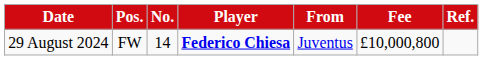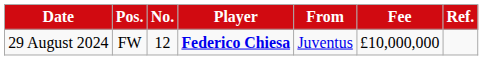 <table class="wikitable plainrowheaders sortable">
 <tr>
 <th style="background:#D10A11; color:white; ">Date</th>
 <th style="background:#D10A11; color:white; ">Pos.</th>
 <th style="background:#D10A11; color:white; ">No.</th>
 <th style="background:#D10A11; color:white; ">Player</th>
 <th style="background:#D10A11; color:white; ">From</th>
 <th style="background:#D10A11; color:white; ">Fee</th>
 <th style="background:#D10A11; color:white; ">Ref.</th>
 </tr>
 <tr>
 <td>29 August 2024</td>
 <td style="text-align:center">FW</td>
-<td style="text-align:center">14</td>
+<td style="text-align:center">12</td>
 <td><strong> <a href='#'>Federico Chiesa</a></strong></td>
 <td> <a href='#'>Juventus</a></td>
-<td> £10,000,800</td>
+<td> £10,000,000</td>
 <td></td>
 </tr>
 </table>
